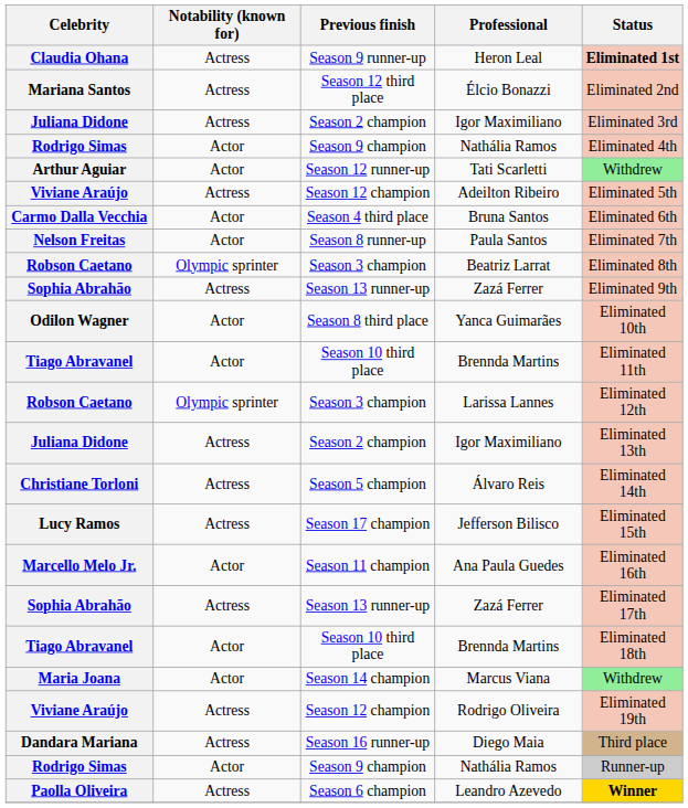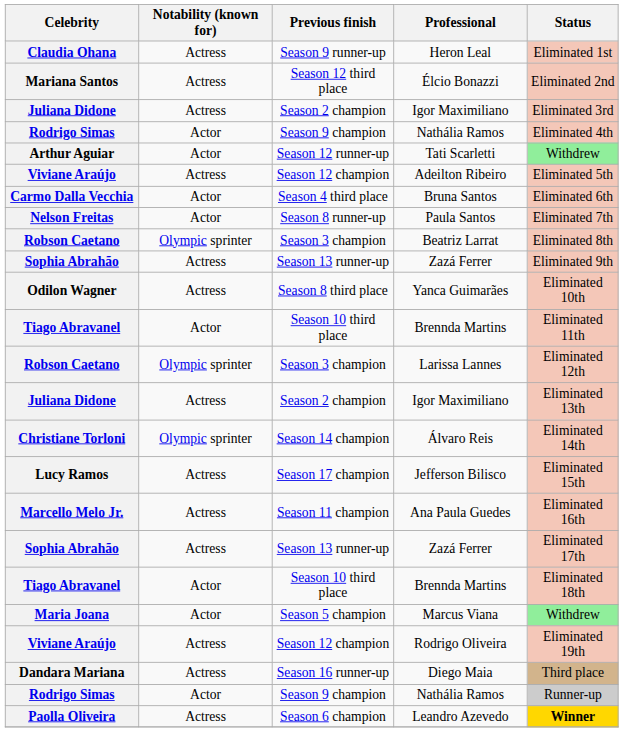 <table class= "wikitable sortable" style="text-align: center; margin:auto; align: center">
 <tr>
 <th width=150>Celebrity</th>
 <th width=150>Notability (known for)</th>
 <th width=135>Previous finish</th>
 <th width=150>Professional</th>
 <th width=100>Status</th>
 </tr>
 <tr>
 <th><a href='#'>Claudia Ohana</a></th>
 <td>Actress</td>
 <td><a href='#'>Season 9</a> runner-up</td>
 <td>Heron Leal</td>
-<td bgcolor=F4C7B8><strong>Eliminated 1st<br></strong></td>
+<td bgcolor=F4C7B8>Eliminated 1st<br></td>
 </tr>
 <tr>
 <th>Mariana Santos</th>
 <td>Actress</td>
 <td><a href='#'>Season 12</a> third place</td>
 <td>Élcio Bonazzi</td>
 <td bgcolor=F4C7B8>Eliminated 2nd<br></td>
 </tr>
 <tr>
 <th><a href='#'>Juliana Didone</a><br></th>
 <td>Actress</td>
 <td><a href='#'>Season 2</a> champion</td>
 <td>Igor Maximiliano</td>
 <td bgcolor=F4C7B8>Eliminated 3rd<br></td>
 </tr>
 <tr>
 <th><a href='#'>Rodrigo Simas</a><br></th>
 <td>Actor</td>
 <td><a href='#'>Season 9</a> champion</td>
 <td>Nathália Ramos</td>
 <td bgcolor=F4C7B8>Eliminated 4th<br></td>
 </tr>
 <tr>
 <th>Arthur Aguiar</th>
 <td>Actor</td>
 <td><a href='#'>Season 12</a> runner-up</td>
 <td>Tati Scarletti</td>
 <td bgcolor=90EE9B>Withdrew<br></td>
 </tr>
 <tr>
 <th><a href='#'>Viviane Araújo</a><br></th>
 <td>Actress</td>
 <td><a href='#'>Season 12</a> champion</td>
 <td>Adeilton Ribeiro</td>
 <td bgcolor=F4C7B8>Eliminated 5th<br></td>
 </tr>
 <tr>
 <th><a href='#'>Carmo Dalla Vecchia</a></th>
 <td>Actor</td>
 <td><a href='#'>Season 4</a> third place</td>
 <td>Bruna Santos</td>
 <td bgcolor=F4C7B8>Eliminated 6th<br></td>
 </tr>
 <tr>
 <th><a href='#'>Nelson Freitas</a></th>
 <td>Actor</td>
 <td><a href='#'>Season 8</a> runner-up</td>
 <td>Paula Santos</td>
 <td bgcolor=F4C7B8>Eliminated 7th<br></td>
 </tr>
 <tr>
 <th><a href='#'>Robson Caetano</a><br></th>
 <td><a href='#'>Olympic</a> sprinter</td>
 <td><a href='#'>Season 3</a> champion</td>
 <td>Beatriz Larrat</td>
 <td bgcolor=F4C7B8>Eliminated 8th<br></td>
 </tr>
 <tr>
 <th><a href='#'>Sophia Abrahão</a><br></th>
 <td>Actress</td>
 <td><a href='#'>Season 13</a> runner-up</td>
 <td>Zazá Ferrer</td>
 <td bgcolor=F4C7B8>Eliminated 9th<br></td>
 </tr>
 <tr>
 <th>Odilon Wagner</th>
-<td>Actor</td>
+<td>Actress</td>
 <td><a href='#'>Season 8</a> third place</td>
 <td>Yanca Guimarães<br></td>
 <td bgcolor=F4C7B8>Eliminated 10th<br></td>
 </tr>
 <tr>
 <th><a href='#'>Tiago Abravanel</a><br></th>
 <td>Actor</td>
 <td><a href='#'>Season 10</a> third place</td>
 <td>Brennda Martins</td>
 <td bgcolor=F4C7B8>Eliminated 11th<br></td>
 </tr>
 <tr>
 <th><a href='#'>Robson Caetano</a></th>
 <td><a href='#'>Olympic</a> sprinter</td>
 <td><a href='#'>Season 3</a> champion</td>
 <td>Larissa Lannes<br></td>
 <td bgcolor=F4C7B8>Eliminated 12th<br></td>
 </tr>
 <tr>
 <th><a href='#'>Juliana Didone</a></th>
 <td>Actress</td>
 <td><a href='#'>Season 2</a> champion</td>
 <td>Igor Maximiliano</td>
 <td bgcolor=F4C7B8>Eliminated 13th<br></td>
 </tr>
 <tr>
 <th><a href='#'>Christiane Torloni</a></th>
-<td>Actress</td>
-<td><a href='#'>Season 5</a> champion</td>
+<td><a href='#'>Olympic</a> sprinter</td>
+<td><a href='#'>Season 14</a> champion</td>
 <td>Álvaro Reis</td>
 <td bgcolor=F4C7B8>Eliminated 14th<br></td>
 </tr>
 <tr>
 <th>Lucy Ramos</th>
 <td>Actress</td>
 <td><a href='#'>Season 17</a> champion</td>
 <td>Jefferson Bilisco<br></td>
 <td bgcolor=F4C7B8>Eliminated 15th<br></td>
 </tr>
 <tr>
 <th><a href='#'>Marcello Melo Jr.</a></th>
-<td>Actor</td>
+<td>Actress</td>
 <td><a href='#'>Season 11</a> champion</td>
 <td>Ana Paula Guedes<br></td>
 <td bgcolor=F4C7B8>Eliminated 16th<br></td>
 </tr>
 <tr>
 <th><a href='#'>Sophia Abrahão</a></th>
 <td>Actress</td>
 <td><a href='#'>Season 13</a> runner-up</td>
 <td>Zazá Ferrer<br></td>
 <td bgcolor=F4C7B8>Eliminated 17th<br></td>
 </tr>
 <tr>
 <th><a href='#'>Tiago Abravanel</a></th>
 <td>Actor</td>
 <td><a href='#'>Season 10</a> third place</td>
 <td>Brennda Martins</td>
 <td bgcolor=F4C7B8>Eliminated 18th<br></td>
 </tr>
 <tr>
 <th><a href='#'>Maria Joana</a></th>
 <td>Actor</td>
-<td><a href='#'>Season 14</a> champion</td>
+<td><a href='#'>Season 5</a> champion</td>
 <td>Marcus Viana</td>
 <td bgcolor=90EE9B>Withdrew<br></td>
 </tr>
 <tr>
 <th><a href='#'>Viviane Araújo</a></th>
 <td>Actress</td>
 <td><a href='#'>Season 12</a> champion</td>
 <td>Rodrigo Oliveira<br></td>
 <td bgcolor=F4C7B8>Eliminated 19th<br></td>
 </tr>
 <tr>
 <th>Dandara Mariana</th>
 <td>Actress</td>
 <td><a href='#'>Season 16</a> runner-up</td>
 <td>Diego Maia</td>
 <td bgcolor=D2B48C>Third place<br></td>
 </tr>
 <tr>
 <th><a href='#'>Rodrigo Simas</a></th>
 <td>Actor</td>
 <td><a href='#'>Season 9</a> champion</td>
 <td>Nathália Ramos</td>
 <td bgcolor=CCCCCC>Runner-up<br></td>
 </tr>
 <tr>
 <th><a href='#'>Paolla Oliveira</a></th>
 <td>Actress</td>
 <td><a href='#'>Season 6</a> champion</td>
 <td>Leandro Azevedo</td>
 <td bgcolor=FFD700><strong>Winner</strong><br></td>
 </tr>
 <tr>
 </tr>
 </table>
